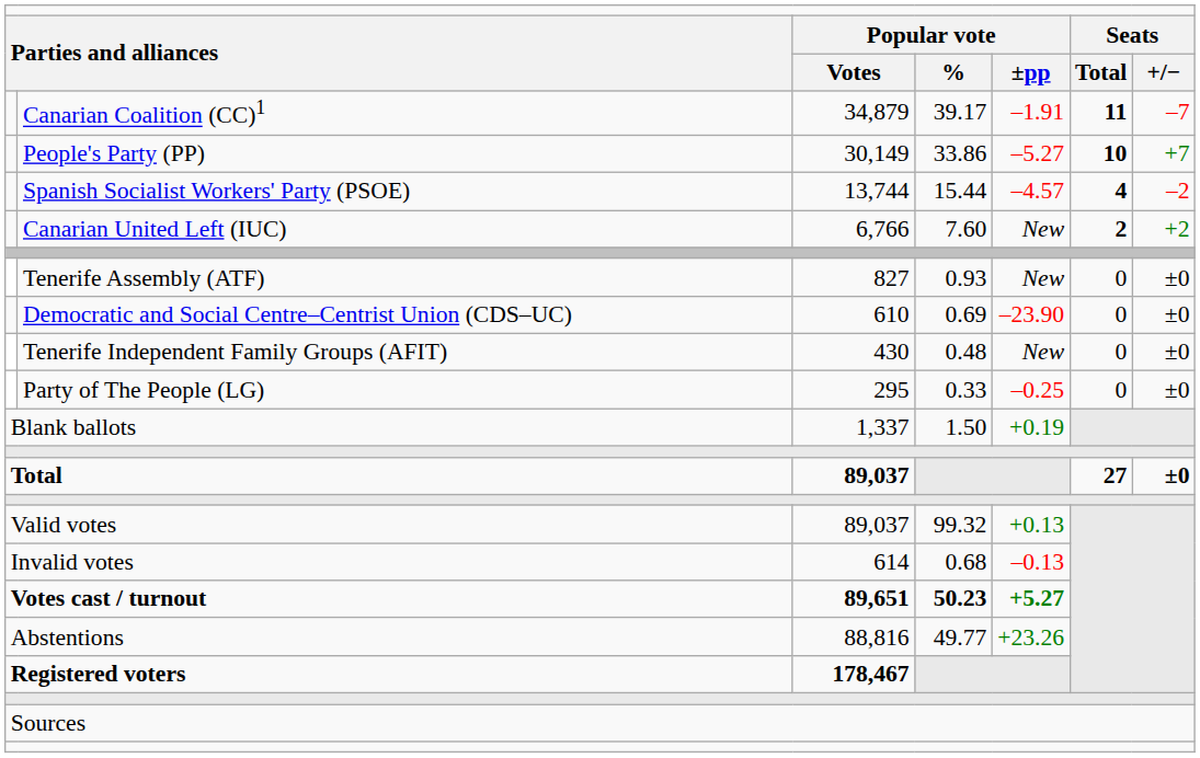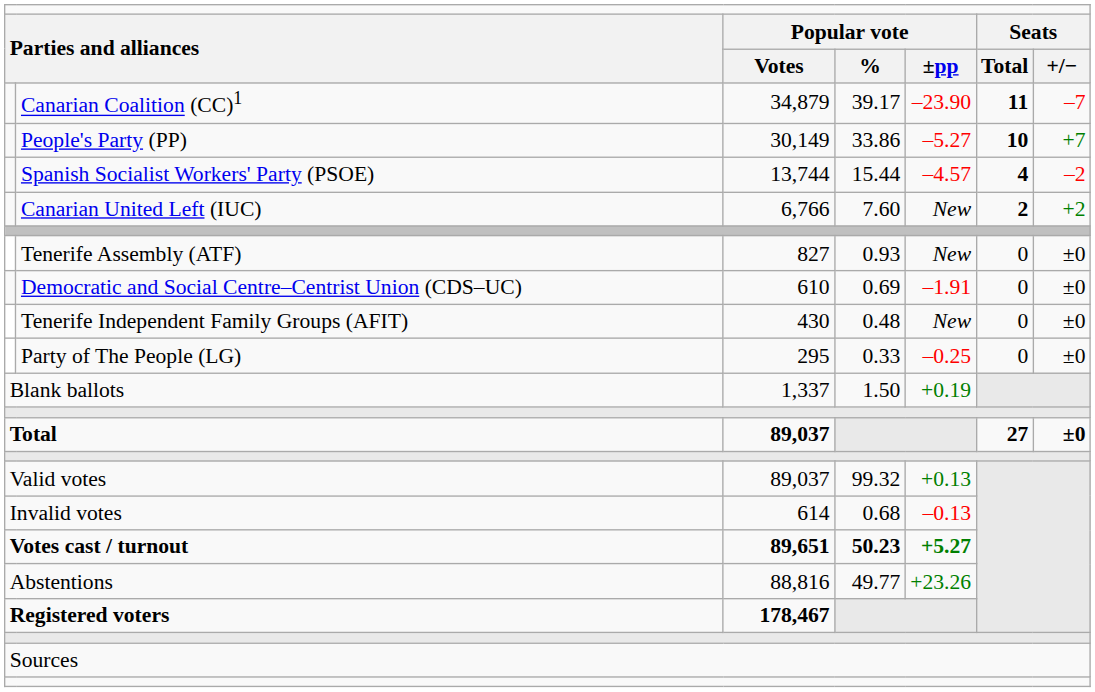 <table class="wikitable" style="text-align:right;">
 <tr>
 <td colspan="7"></td>
 </tr>
 <tr>
 <th style="text-align:left;" rowspan="2" colspan="2" width="525">Parties and alliances</th>
 <th colspan="3">Popular vote</th>
 <th colspan="2">Seats</th>
 </tr>
 <tr>
 <th width="75">Votes</th>
 <th width="45">%</th>
 <th width="45">±<a href='#'>pp</a></th>
 <th width="35">Total</th>
 <th width="35">+/−</th>
 </tr>
 <tr>
 <td width="1" style="color:inherit;background:"></td>
 <td align="left"><a href='#'>Canarian Coalition</a> (CC)<sup>1</sup></td>
 <td>34,879</td>
 <td>39.17</td>
-<td style="color:red;">–1.91</td>
+<td style="color:red;">–23.90</td>
 <td><strong>11</strong></td>
 <td style="color:red;">–7</td>
 </tr>
 <tr>
 <td style="color:inherit;background:"></td>
 <td align="left"><a href='#'>People's Party</a> (PP)</td>
 <td>30,149</td>
 <td>33.86</td>
 <td style="color:red;">–5.27</td>
 <td><strong>10</strong></td>
 <td style="color:green;">+7</td>
 </tr>
 <tr>
 <td style="color:inherit;background:"></td>
 <td align="left"><a href='#'>Spanish Socialist Workers' Party</a> (PSOE)</td>
 <td>13,744</td>
 <td>15.44</td>
 <td style="color:red;">–4.57</td>
 <td><strong>4</strong></td>
 <td style="color:red;">–2</td>
 </tr>
 <tr>
 <td style="color:inherit;background:"></td>
 <td align="left"><a href='#'>Canarian United Left</a> (IUC)</td>
 <td>6,766</td>
 <td>7.60</td>
 <td><em>New</em></td>
 <td><strong>2</strong></td>
 <td style="color:green;">+2</td>
 </tr>
 <tr>
 <td colspan="7" style="color:inherit;background:#C0C0C0"></td>
 </tr>
 <tr>
 <td bgcolor="white"></td>
 <td align="left">Tenerife Assembly (ATF)</td>
 <td>827</td>
 <td>0.93</td>
 <td><em>New</em></td>
 <td>0</td>
 <td>±0</td>
 </tr>
 <tr>
 <td style="color:inherit;background:"></td>
 <td align="left"><a href='#'>Democratic and Social Centre–Centrist Union</a> (CDS–UC)</td>
 <td>610</td>
 <td>0.69</td>
-<td style="color:red;">–23.90</td>
+<td style="color:red;">–1.91</td>
 <td>0</td>
 <td>±0</td>
 </tr>
 <tr>
 <td bgcolor="white"></td>
 <td align="left">Tenerife Independent Family Groups (AFIT)</td>
 <td>430</td>
 <td>0.48</td>
 <td><em>New</em></td>
 <td>0</td>
 <td>±0</td>
 </tr>
 <tr>
 <td bgcolor="white"></td>
 <td align="left">Party of The People (LG)</td>
 <td>295</td>
 <td>0.33</td>
 <td style="color:red;">–0.25</td>
 <td>0</td>
 <td>±0</td>
 </tr>
 <tr>
 <td align="left" colspan="2">Blank ballots</td>
 <td>1,337</td>
 <td>1.50</td>
 <td style="color:green;">+0.19</td>
 <td style="color:inherit;background:#E9E9E9" colspan="2"></td>
 </tr>
 <tr>
 <td colspan="7" style="color:inherit;background:#E9E9E9"></td>
 </tr>
 <tr style="font-weight:bold;">
 <td align="left" colspan="2">Total</td>
 <td>89,037</td>
 <td bgcolor="#E9E9E9" colspan="2"></td>
 <td>27</td>
 <td>±0</td>
 </tr>
 <tr>
 <td colspan="7" style="color:inherit;background:#E9E9E9"></td>
 </tr>
 <tr>
 <td align="left" colspan="2">Valid votes</td>
 <td>89,037</td>
 <td>99.32</td>
 <td style="color:green;">+0.13</td>
 <td bgcolor="#E9E9E9" colspan="2" rowspan="5"></td>
 </tr>
 <tr>
 <td align="left" colspan="2">Invalid votes</td>
 <td>614</td>
 <td>0.68</td>
 <td style="color:red;">–0.13</td>
 </tr>
 <tr style="font-weight:bold;">
 <td align="left" colspan="2">Votes cast / turnout</td>
 <td>89,651</td>
 <td>50.23</td>
 <td style="color:green;">+5.27</td>
 </tr>
 <tr>
 <td align="left" colspan="2">Abstentions</td>
 <td>88,816</td>
 <td>49.77</td>
 <td style="color:green;">+23.26</td>
 </tr>
 <tr style="font-weight:bold;">
 <td align="left" colspan="2">Registered voters</td>
 <td>178,467</td>
 <td bgcolor="#E9E9E9" colspan="2"></td>
 </tr>
 <tr>
 <td colspan="7" style="color:inherit;background:#E9E9E9"></td>
 </tr>
 <tr>
 <td align="left" colspan="7">Sources</td>
 </tr>
 <tr>
 <td colspan="7" style="text-align:left; max-width:790px;"></td>
 </tr>
 </table>
